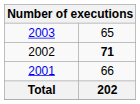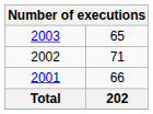 <table class="wikitable" style="text-align:center;">
 <tr>
 <th colspan="2">Number of executions</th>
 </tr>
 <tr>
 <td><a href='#'>2003</a></td>
 <td>65</td>
 </tr>
 <tr>
 <td>2002</td>
-<td><strong>71</strong></td>
+<td>71</td>
 </tr>
 <tr>
 <td><a href='#'>2001</a></td>
 <td>66</td>
 </tr>
 <tr>
 <th>Total</th>
 <th>202</th>
 </tr>
 <tr>
 </tr>
 </table>
